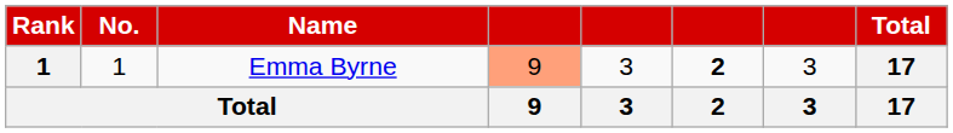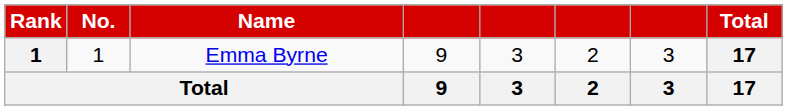 <table class="wikitable" style="text-align:center; font-size:100%; ">
 <tr>
 <th style="background:#d50000; color:white; text-align:center; width:40px">Rank</th>
 <th style="background:#d50000; color:white; text-align:center; width:40px">No.</th>
 <th style="background:#d50000; color:white; text-align:center; width:200px">Name</th>
 <th style="background:#d50000; color:white; text-align:center; width:50px;"></th>
 <th style="background:#d50000; color:white; text-align:center; width:50px;"></th>
 <th style="background:#d50000; color:white; text-align:center; width:50px;"></th>
 <th style="background:#d50000; color:white; text-align:center; width:50px;"></th>
 <th style="background:#d50000; color:white; text-align:center; width:50px;">Total</th>
 </tr>
 <tr>
 <th>1</th>
 <td>1</td>
 <td> <a href='#'>Emma Byrne</a></td>
-<td style="background: lightsalmon;">9</td>
+<td>9</td>
 <td>3</td>
-<td><strong>2</strong></td>
+<td>2</td>
 <td>3</td>
 <th>17</th>
 </tr>
 <tr>
 <th colspan="3">Total</th>
 <th>9</th>
 <th>3</th>
 <th>2</th>
 <th>3</th>
 <th>17</th>
 </tr>
 </table>
